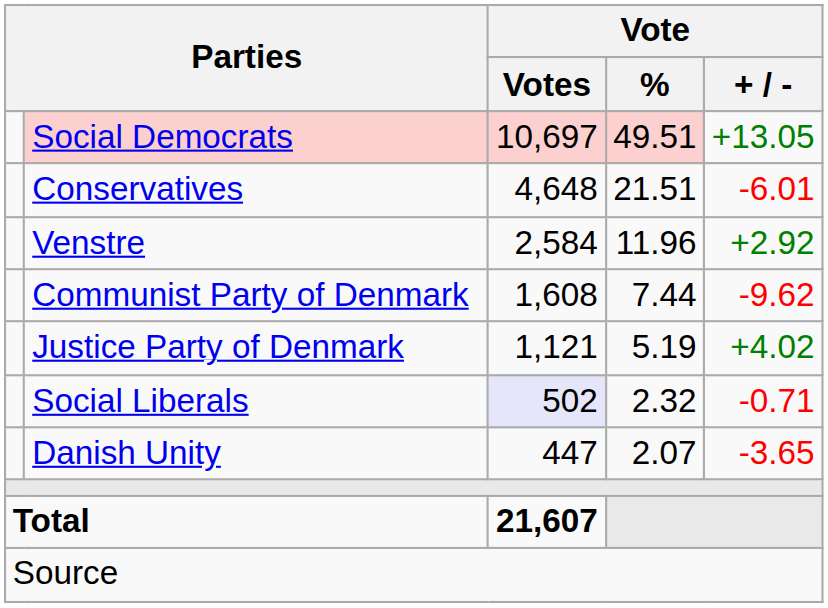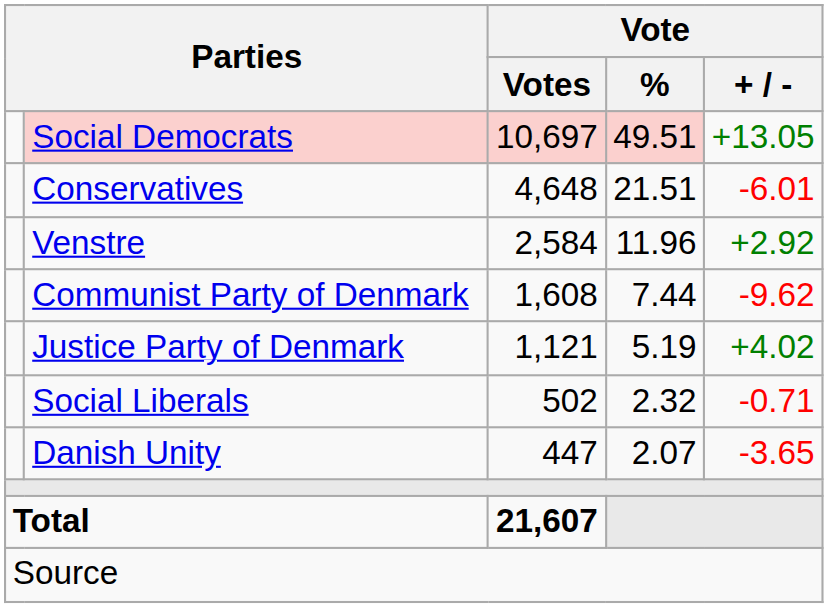 <table class="wikitable" style="text-align:right;">
 <tr>
 <th style="text-align:centre;" rowspan="2" colspan="2" width="225">Parties</th>
 <th colspan="3">Vote</th>
 </tr>
 <tr>
 <th width="15">Votes</th>
 <th width="15">%</th>
 <th width="15">+ / -</th>
 </tr>
 <tr>
 <td width="2" style="color:inherit;background:"></td>
 <td bgcolor=#fbd0ce  align="left"><a href='#'>Social Democrats</a></td>
 <td bgcolor=#fbd0ce>10,697</td>
 <td bgcolor=#fbd0ce>49.51</td>
 <td style=color:green;>+13.05</td>
 </tr>
 <tr>
 <td width="2" style="color:inherit;background:"></td>
 <td align="left"><a href='#'>Conservatives</a></td>
 <td>4,648</td>
 <td>21.51</td>
 <td style=color:red;>-6.01</td>
 </tr>
 <tr>
 <td width="2" style="color:inherit;background:"></td>
 <td align="left"><a href='#'>Venstre</a></td>
 <td>2,584</td>
 <td>11.96</td>
 <td style=color:green;>+2.92</td>
 </tr>
 <tr>
 <td width="2" style="color:inherit;background:"></td>
 <td align="left"><a href='#'>Communist Party of Denmark</a></td>
 <td>1,608</td>
 <td>7.44</td>
 <td style=color:red;>-9.62</td>
 </tr>
 <tr>
 <td width="2" style="color:inherit;background:"></td>
 <td align="left"><a href='#'>Justice Party of Denmark</a></td>
 <td>1,121</td>
 <td>5.19</td>
 <td style=color:green;>+4.02</td>
 </tr>
 <tr>
 <td width="2" style="color:inherit;background:"></td>
 <td align="left"><a href='#'>Social Liberals</a></td>
-<td style="background: lavender;">502</td>
+<td>502</td>
 <td>2.32</td>
 <td style=color:red;>-0.71</td>
 </tr>
 <tr>
 <td width="2" style="color:inherit;background:"></td>
 <td align="left"><a href='#'>Danish Unity</a></td>
 <td>447</td>
 <td>2.07</td>
 <td style=color:red;>-3.65</td>
 </tr>
 <tr>
 <td colspan="7" bgcolor="#E9E9E9"></td>
 </tr>
 <tr>
 <td align="left" colspan="2"><strong>Total</strong></td>
 <td><strong>21,607</strong></td>
 <td bgcolor="#E9E9E9" colspan="2"></td>
 </tr>
 <tr>
 <td align="left" colspan="6">Source</td>
 </tr>
 </table>
